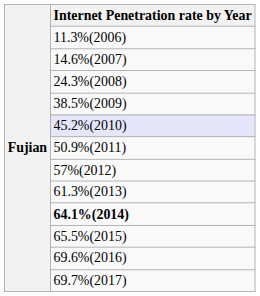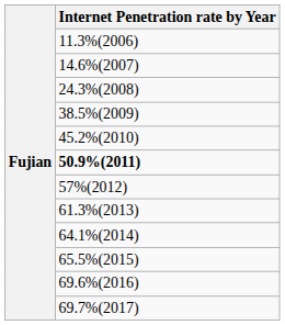 <table class="wikitable">
 <tr>
 <th rowspan="13">Fujian</th>
 <th>Internet Penetration rate by Year</th>
 </tr>
 <tr>
 <td>11.3%(2006)</td>
 </tr>
 <tr>
 <td>14.6%(2007)</td>
 </tr>
 <tr>
 <td>24.3%(2008)</td>
 </tr>
 <tr>
 <td>38.5%(2009)</td>
 </tr>
 <tr>
-<td style="background: lavender;">45.2%(2010)</td>
+<td>45.2%(2010)</td>
 </tr>
 <tr>
-<td>50.9%(2011)</td>
+<td><strong>50.9%(2011)</strong></td>
 </tr>
 <tr>
 <td>57%(2012)</td>
 </tr>
 <tr>
 <td>61.3%(2013)</td>
 </tr>
 <tr>
-<td><strong>64.1%(2014)</strong></td>
+<td>64.1%(2014)</td>
 </tr>
 <tr>
 <td>65.5%(2015)</td>
 </tr>
 <tr>
 <td>69.6%(2016)</td>
 </tr>
 <tr>
 <td>69.7%(2017)</td>
 </tr>
 </table>
